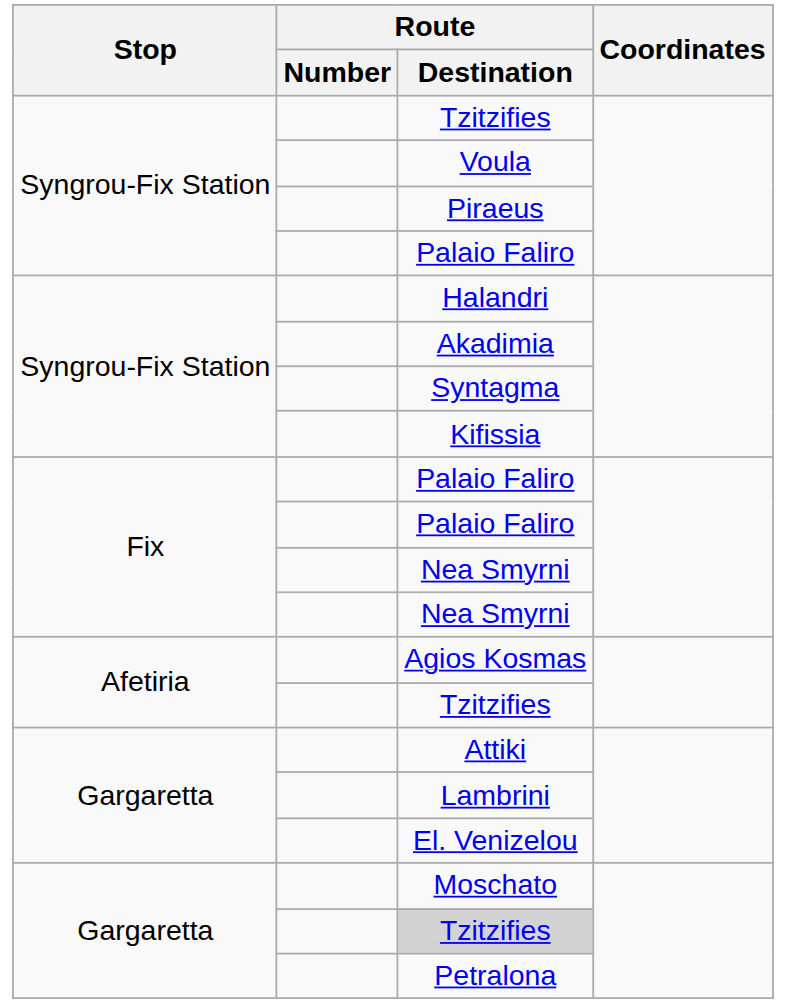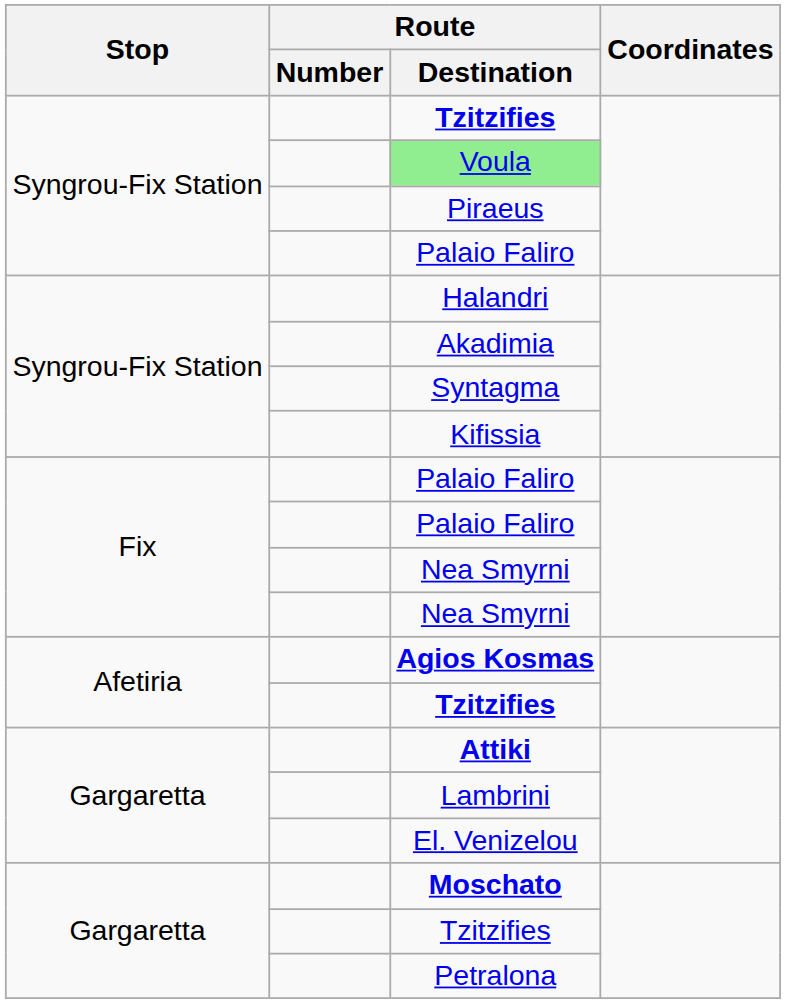 <table cellpadding="5" style="margin:0 auto; text-align:center;"  class="wikitable">
 <tr>
 <th rowspan="2">Stop</th>
 <th colspan="2">Route</th>
 <th rowspan="2">Coordinates</th>
 </tr>
 <tr>
 <th>Number</th>
 <th>Destination</th>
 </tr>
 <tr>
 <td rowspan="4">Syngrou-Fix Station</td>
 <td></td>
-<td><a href='#'>Tzitzifies</a></td>
+<td><strong><a href='#'>Tzitzifies</a></strong></td>
 <td rowspan="4"></td>
 </tr>
 <tr>
 <td></td>
-<td><a href='#'>Voula</a></td>
+<td style="background: lightgreen;"><a href='#'>Voula</a></td>
 </tr>
 <tr>
 <td></td>
 <td><a href='#'>Piraeus</a></td>
 </tr>
 <tr>
 <td></td>
 <td><a href='#'>Palaio Faliro</a></td>
 </tr>
 <tr>
 <td rowspan="4">Syngrou-Fix Station</td>
 <td></td>
 <td><a href='#'>Halandri</a></td>
 <td rowspan="4"></td>
 </tr>
 <tr>
 <td></td>
 <td><a href='#'>Akadimia</a></td>
 </tr>
 <tr>
 <td></td>
 <td><a href='#'>Syntagma</a></td>
 </tr>
 <tr>
 <td></td>
 <td><a href='#'>Kifissia</a></td>
 </tr>
 <tr>
 <td rowspan="4">Fix</td>
 <td></td>
 <td><a href='#'>Palaio Faliro</a></td>
 <td rowspan="4"></td>
 </tr>
 <tr>
 <td></td>
 <td><a href='#'>Palaio Faliro</a></td>
 </tr>
 <tr>
 <td></td>
 <td><a href='#'>Nea Smyrni</a></td>
 </tr>
 <tr>
 <td></td>
 <td><a href='#'>Nea Smyrni</a></td>
 </tr>
 <tr>
 <td rowspan="2">Afetiria</td>
 <td></td>
-<td><a href='#'>Agios Kosmas</a></td>
+<td><strong><a href='#'>Agios Kosmas</a></strong></td>
 <td rowspan="2"></td>
 </tr>
 <tr>
 <td></td>
-<td><a href='#'>Tzitzifies</a></td>
+<td><strong><a href='#'>Tzitzifies</a></strong></td>
 </tr>
 <tr>
 <td rowspan="3">Gargaretta</td>
 <td></td>
-<td><a href='#'>Attiki</a></td>
+<td><strong><a href='#'>Attiki</a></strong></td>
 <td rowspan="3"></td>
 </tr>
 <tr>
 <td></td>
 <td><a href='#'>Lambrini</a></td>
 </tr>
 <tr>
 <td></td>
 <td><a href='#'>El. Venizelou</a></td>
 </tr>
 <tr>
 <td rowspan="3">Gargaretta</td>
 <td></td>
-<td><a href='#'>Moschato</a></td>
+<td><strong><a href='#'>Moschato</a></strong></td>
 <td rowspan="3"></td>
 </tr>
 <tr>
 <td></td>
-<td style="background: lightgrey;"><a href='#'>Tzitzifies</a></td>
+<td><a href='#'>Tzitzifies</a></td>
 </tr>
 <tr>
 <td></td>
 <td><a href='#'>Petralona</a></td>
 </tr>
 </table>
